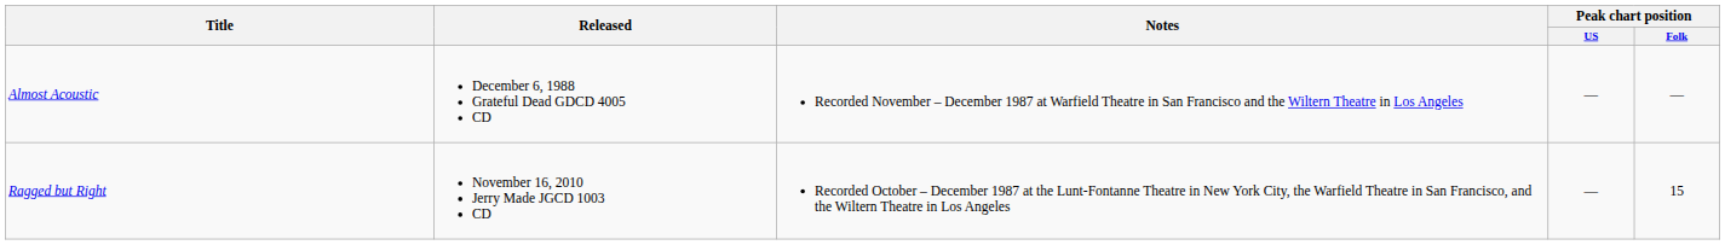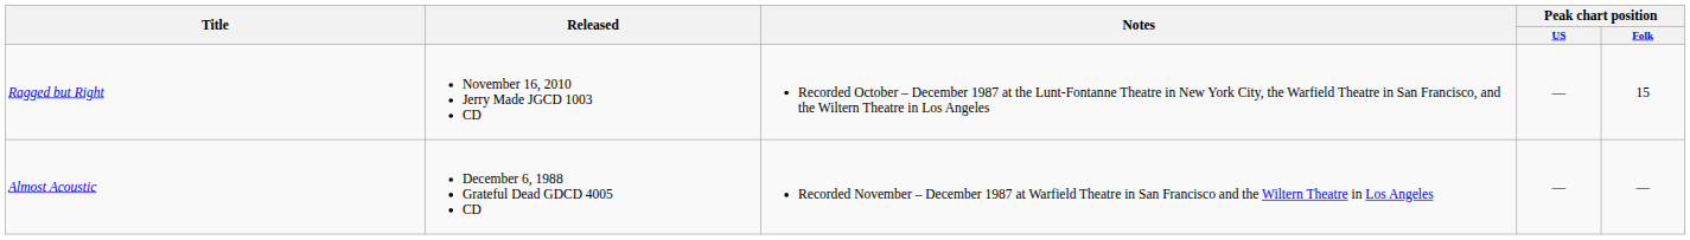 <table class="wikitable">
 <tr>
 <th rowspan="2" style="width:25%">Title</th>
 <th rowspan="2" style="width:20%">Released</th>
 <th rowspan="2" style="width:45%">Notes</th>
 <th colspan="2">Peak chart position</th>
 </tr>
 <tr>
 <th style="width:5%;font-size:80%;"><a href='#'>US</a></th>
 <th style="width:5%;font-size:80%;"><a href='#'>Folk</a></th>
 </tr>
 <tr>
+<td><em><a href='#'>Ragged but Right</a></em></td>
+<td><br><ul><li>November 16, 2010</li><li>Jerry Made JGCD 1003</li><li>CD</li></ul></td>
+<td><br><ul><li>Recorded October – December 1987 at the Lunt-Fontanne Theatre in New York City, the Warfield Theatre in San Francisco, and the Wiltern Theatre in Los Angeles</li></ul></td>
+<td align="center">—</td>
+<td align="center">15</td>
+</tr>
+<tr>
 <td><em><a href='#'>Almost Acoustic</a></em></td>
 <td><br><ul><li>December 6, 1988</li><li>Grateful Dead GDCD 4005</li><li>CD</li></ul></td>
 <td><br><ul><li>Recorded November – December 1987 at Warfield Theatre in San Francisco and the <a href='#'>Wiltern Theatre</a> in <a href='#'>Los Angeles</a></li></ul></td>
 <td align="center">—</td>
 <td align="center">—</td>
 </tr>
-<tr>
-<td><em><a href='#'>Ragged but Right</a></em></td>
-<td><br><ul><li>November 16, 2010</li><li>Jerry Made JGCD 1003</li><li>CD</li></ul></td>
-<td><br><ul><li>Recorded October – December 1987 at the Lunt-Fontanne Theatre in New York City, the Warfield Theatre in San Francisco, and the Wiltern Theatre in Los Angeles</li></ul></td>
-<td align="center">—</td>
-<td align="center">15</td>
-</tr>
 </table>
